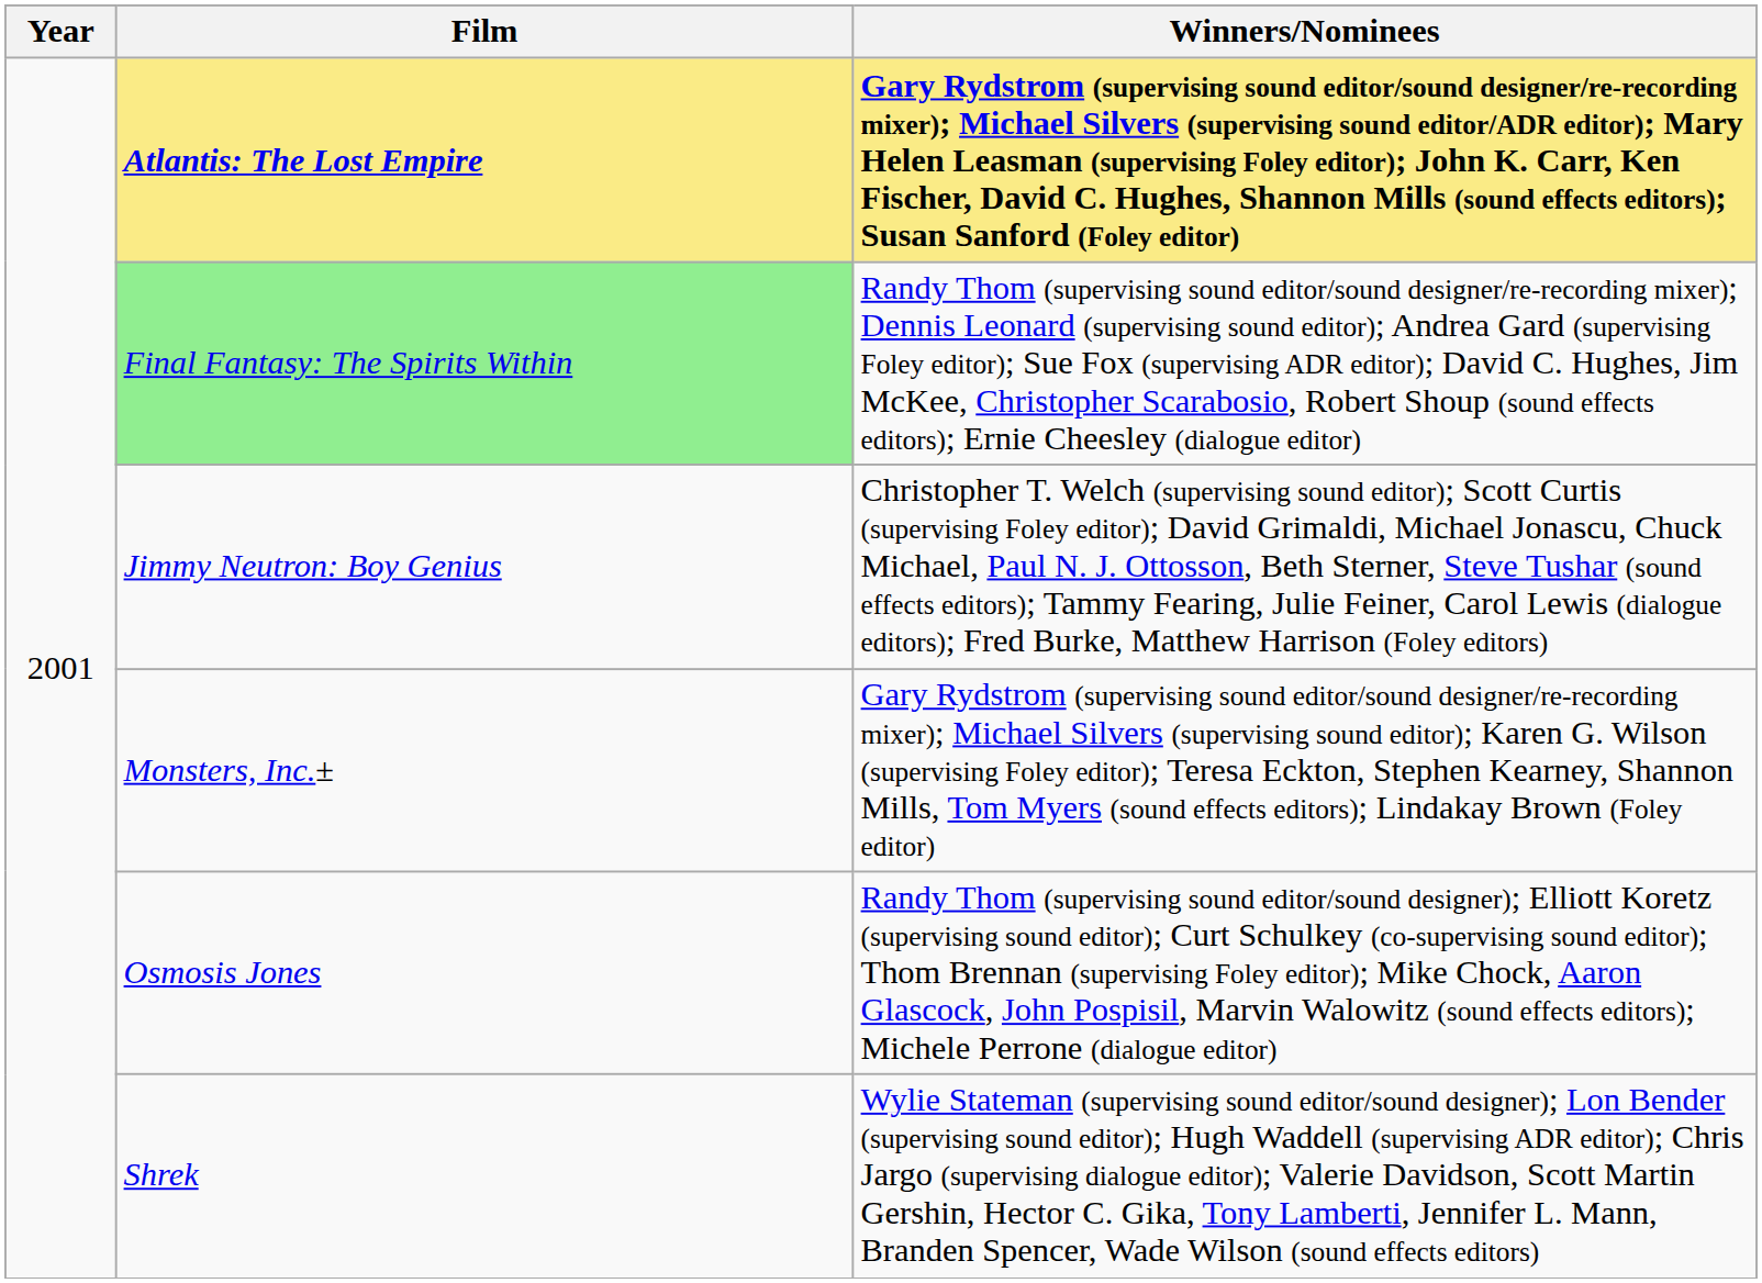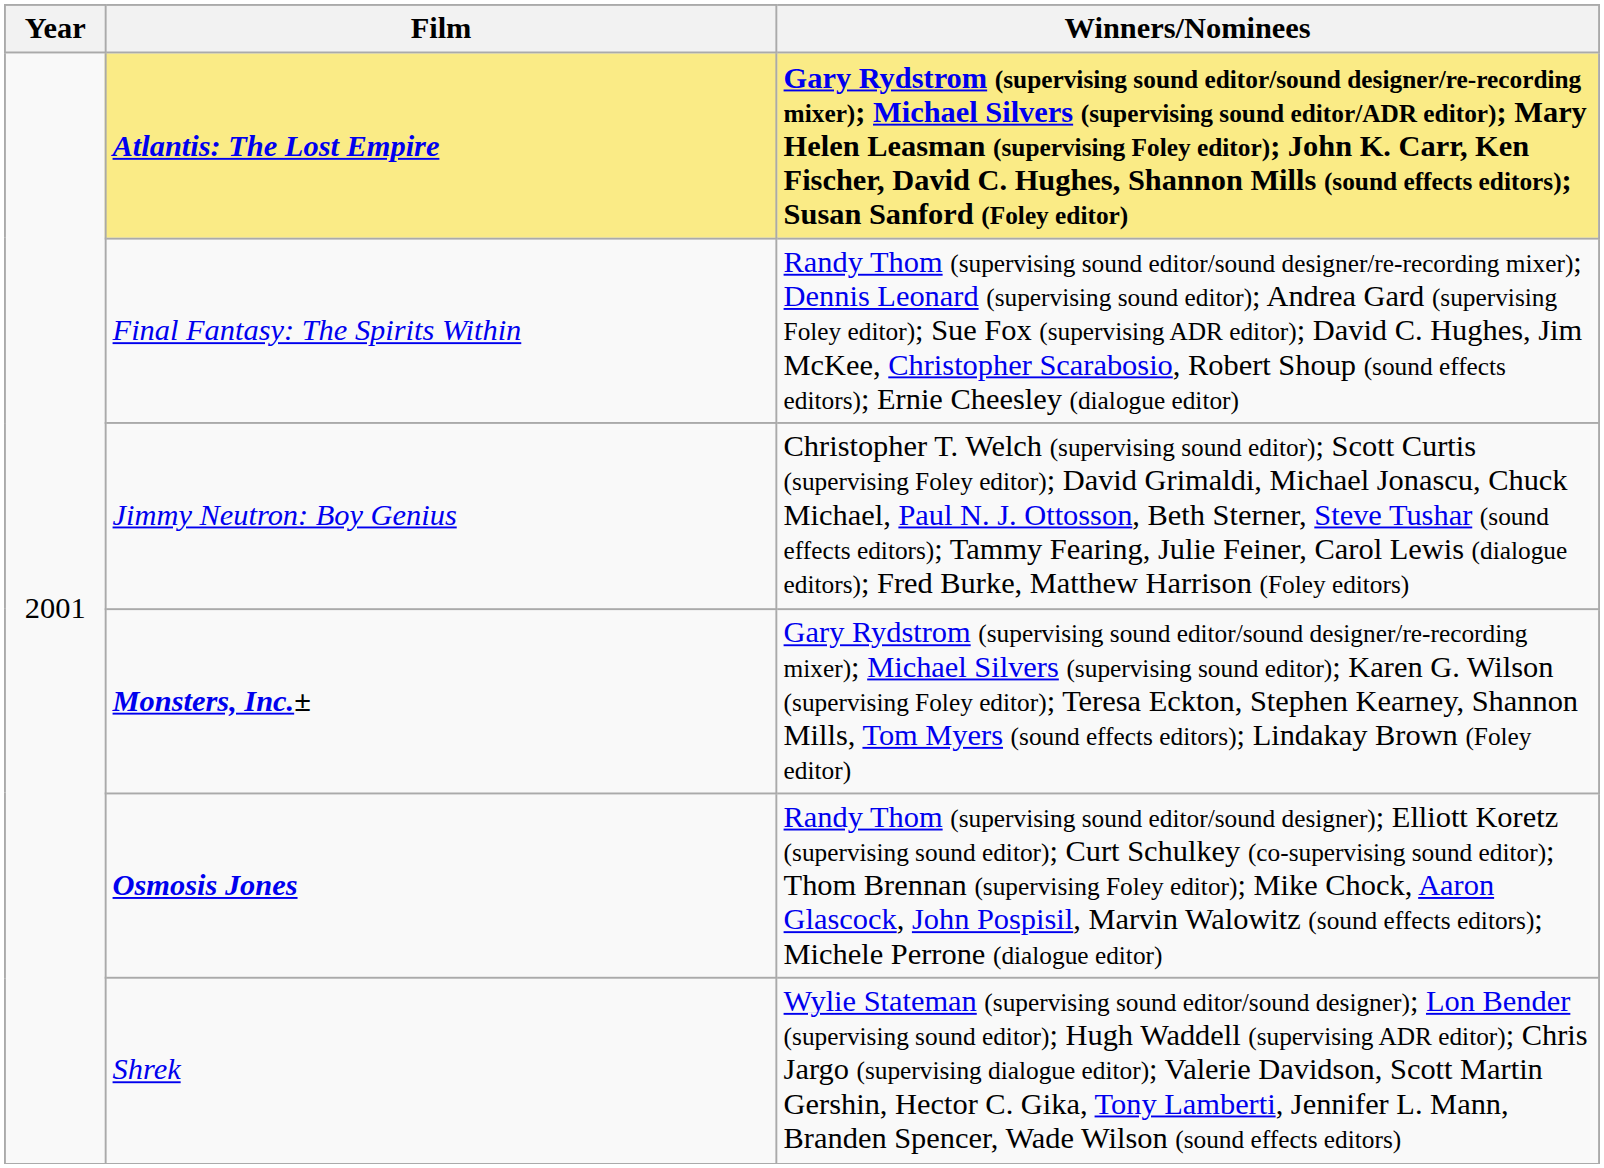 <table class="wikitable" width="95%" cellpadding="5">
 <tr>
 <th width="6%">Year</th>
 <th width="40%">Film</th>
 <th width="49%">Winners/Nominees</th>
 </tr>
 <tr>
 <td rowspan=6 style="text-align:center">2001<br></td>
 <td style="background:#FAEB86;"><strong><em><a href='#'>Atlantis: The Lost Empire</a></em></strong></td>
 <td style="background:#FAEB86;"><strong><a href='#'>Gary Rydstrom</a> <small>(supervising sound editor/sound designer/re-recording mixer)</small>; <a href='#'>Michael Silvers</a> <small>(supervising sound editor/ADR editor)</small>; Mary Helen Leasman <small>(supervising Foley editor)</small>; John K. Carr, Ken Fischer, David C. Hughes, Shannon Mills <small>(sound effects editors)</small>; Susan Sanford <small>(Foley editor)</small></strong></td>
 </tr>
 <tr>
-<td style="background: lightgreen;"><em><a href='#'>Final Fantasy: The Spirits Within</a></em></td>
+<td><em><a href='#'>Final Fantasy: The Spirits Within</a></em></td>
 <td><a href='#'>Randy Thom</a> <small>(supervising sound editor/sound designer/re-recording mixer)</small>; <a href='#'>Dennis Leonard</a> <small>(supervising sound editor)</small>; Andrea Gard <small>(supervising Foley editor)</small>; Sue Fox <small>(supervising ADR editor)</small>; David C. Hughes, Jim McKee, <a href='#'>Christopher Scarabosio</a>, Robert Shoup <small>(sound effects editors)</small>; Ernie Cheesley <small>(dialogue editor)</small></td>
 </tr>
 <tr>
 <td><em><a href='#'>Jimmy Neutron: Boy Genius</a></em></td>
 <td>Christopher T. Welch <small>(supervising sound editor)</small>; Scott Curtis <small>(supervising Foley editor)</small>; David Grimaldi, Michael Jonascu, Chuck Michael, <a href='#'>Paul N. J. Ottosson</a>, Beth Sterner, <a href='#'>Steve Tushar</a> <small>(sound effects editors)</small>; Tammy Fearing, Julie Feiner, Carol Lewis <small>(dialogue editors)</small>; Fred Burke, Matthew Harrison <small>(Foley editors)</small></td>
 </tr>
 <tr>
-<td><em><a href='#'>Monsters, Inc.</a></em>±</td>
+<td><strong><em><a href='#'>Monsters, Inc.</a></em>±</strong></td>
 <td><a href='#'>Gary Rydstrom</a> <small>(supervising sound editor/sound designer/re-recording mixer)</small>; <a href='#'>Michael Silvers</a> <small>(supervising sound editor)</small>; Karen G. Wilson <small>(supervising Foley editor)</small>; Teresa Eckton, Stephen Kearney, Shannon Mills, <a href='#'>Tom Myers</a> <small>(sound effects editors)</small>; Lindakay Brown <small>(Foley editor)</small></td>
 </tr>
 <tr>
-<td><em><a href='#'>Osmosis Jones</a></em></td>
+<td><strong><em><a href='#'>Osmosis Jones</a></em></strong></td>
 <td><a href='#'>Randy Thom</a> <small>(supervising sound editor/sound designer)</small>; Elliott Koretz <small>(supervising sound editor)</small>; Curt Schulkey <small>(co-supervising sound editor)</small>; Thom Brennan <small>(supervising Foley editor)</small>; Mike Chock, <a href='#'>Aaron Glascock</a>, <a href='#'>John Pospisil</a>, Marvin Walowitz <small>(sound effects editors)</small>;  Michele Perrone <small>(dialogue editor)</small></td>
 </tr>
 <tr>
 <td><em><a href='#'>Shrek</a></em></td>
 <td><a href='#'>Wylie Stateman</a> <small>(supervising sound editor/sound designer)</small>; <a href='#'>Lon Bender</a> <small>(supervising sound editor)</small>; Hugh Waddell <small>(supervising ADR editor)</small>; Chris Jargo <small>(supervising dialogue editor)</small>; Valerie Davidson, Scott Martin Gershin, Hector C. Gika, <a href='#'>Tony Lamberti</a>, Jennifer L. Mann, Branden Spencer, Wade Wilson <small>(sound effects editors)</small></td>
 </tr>
 <tr>
 </tr>
 </table>
